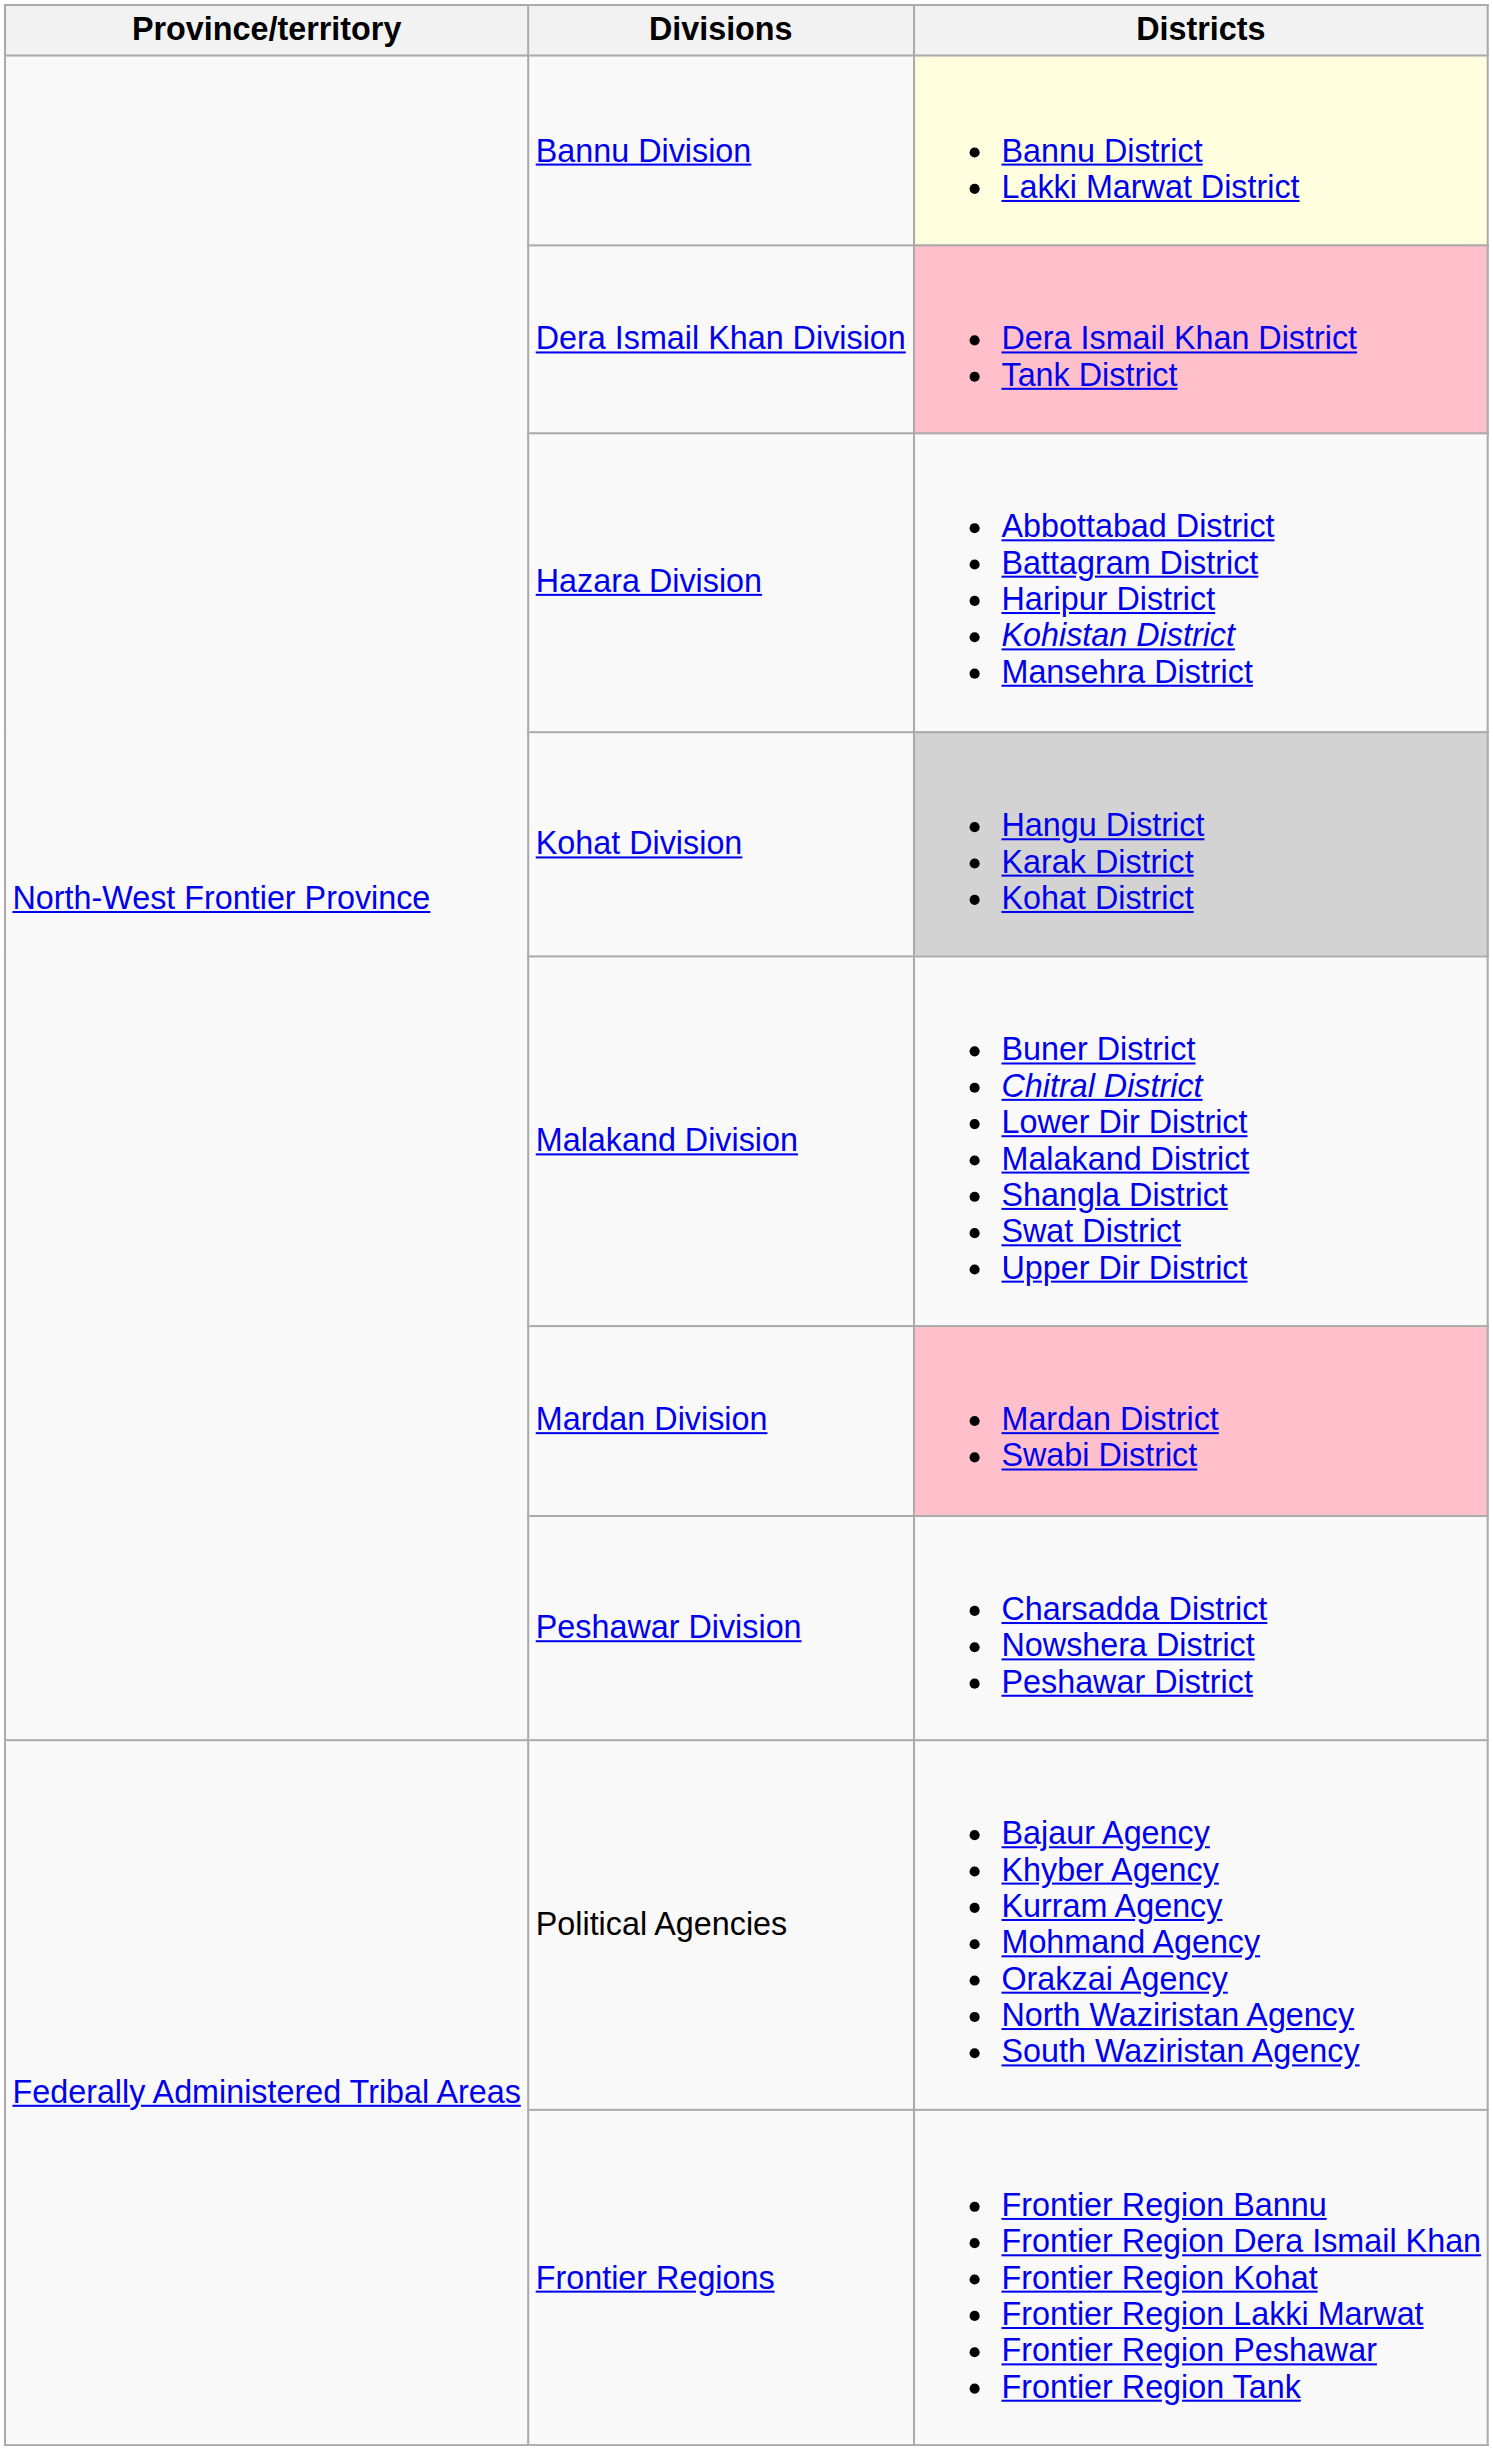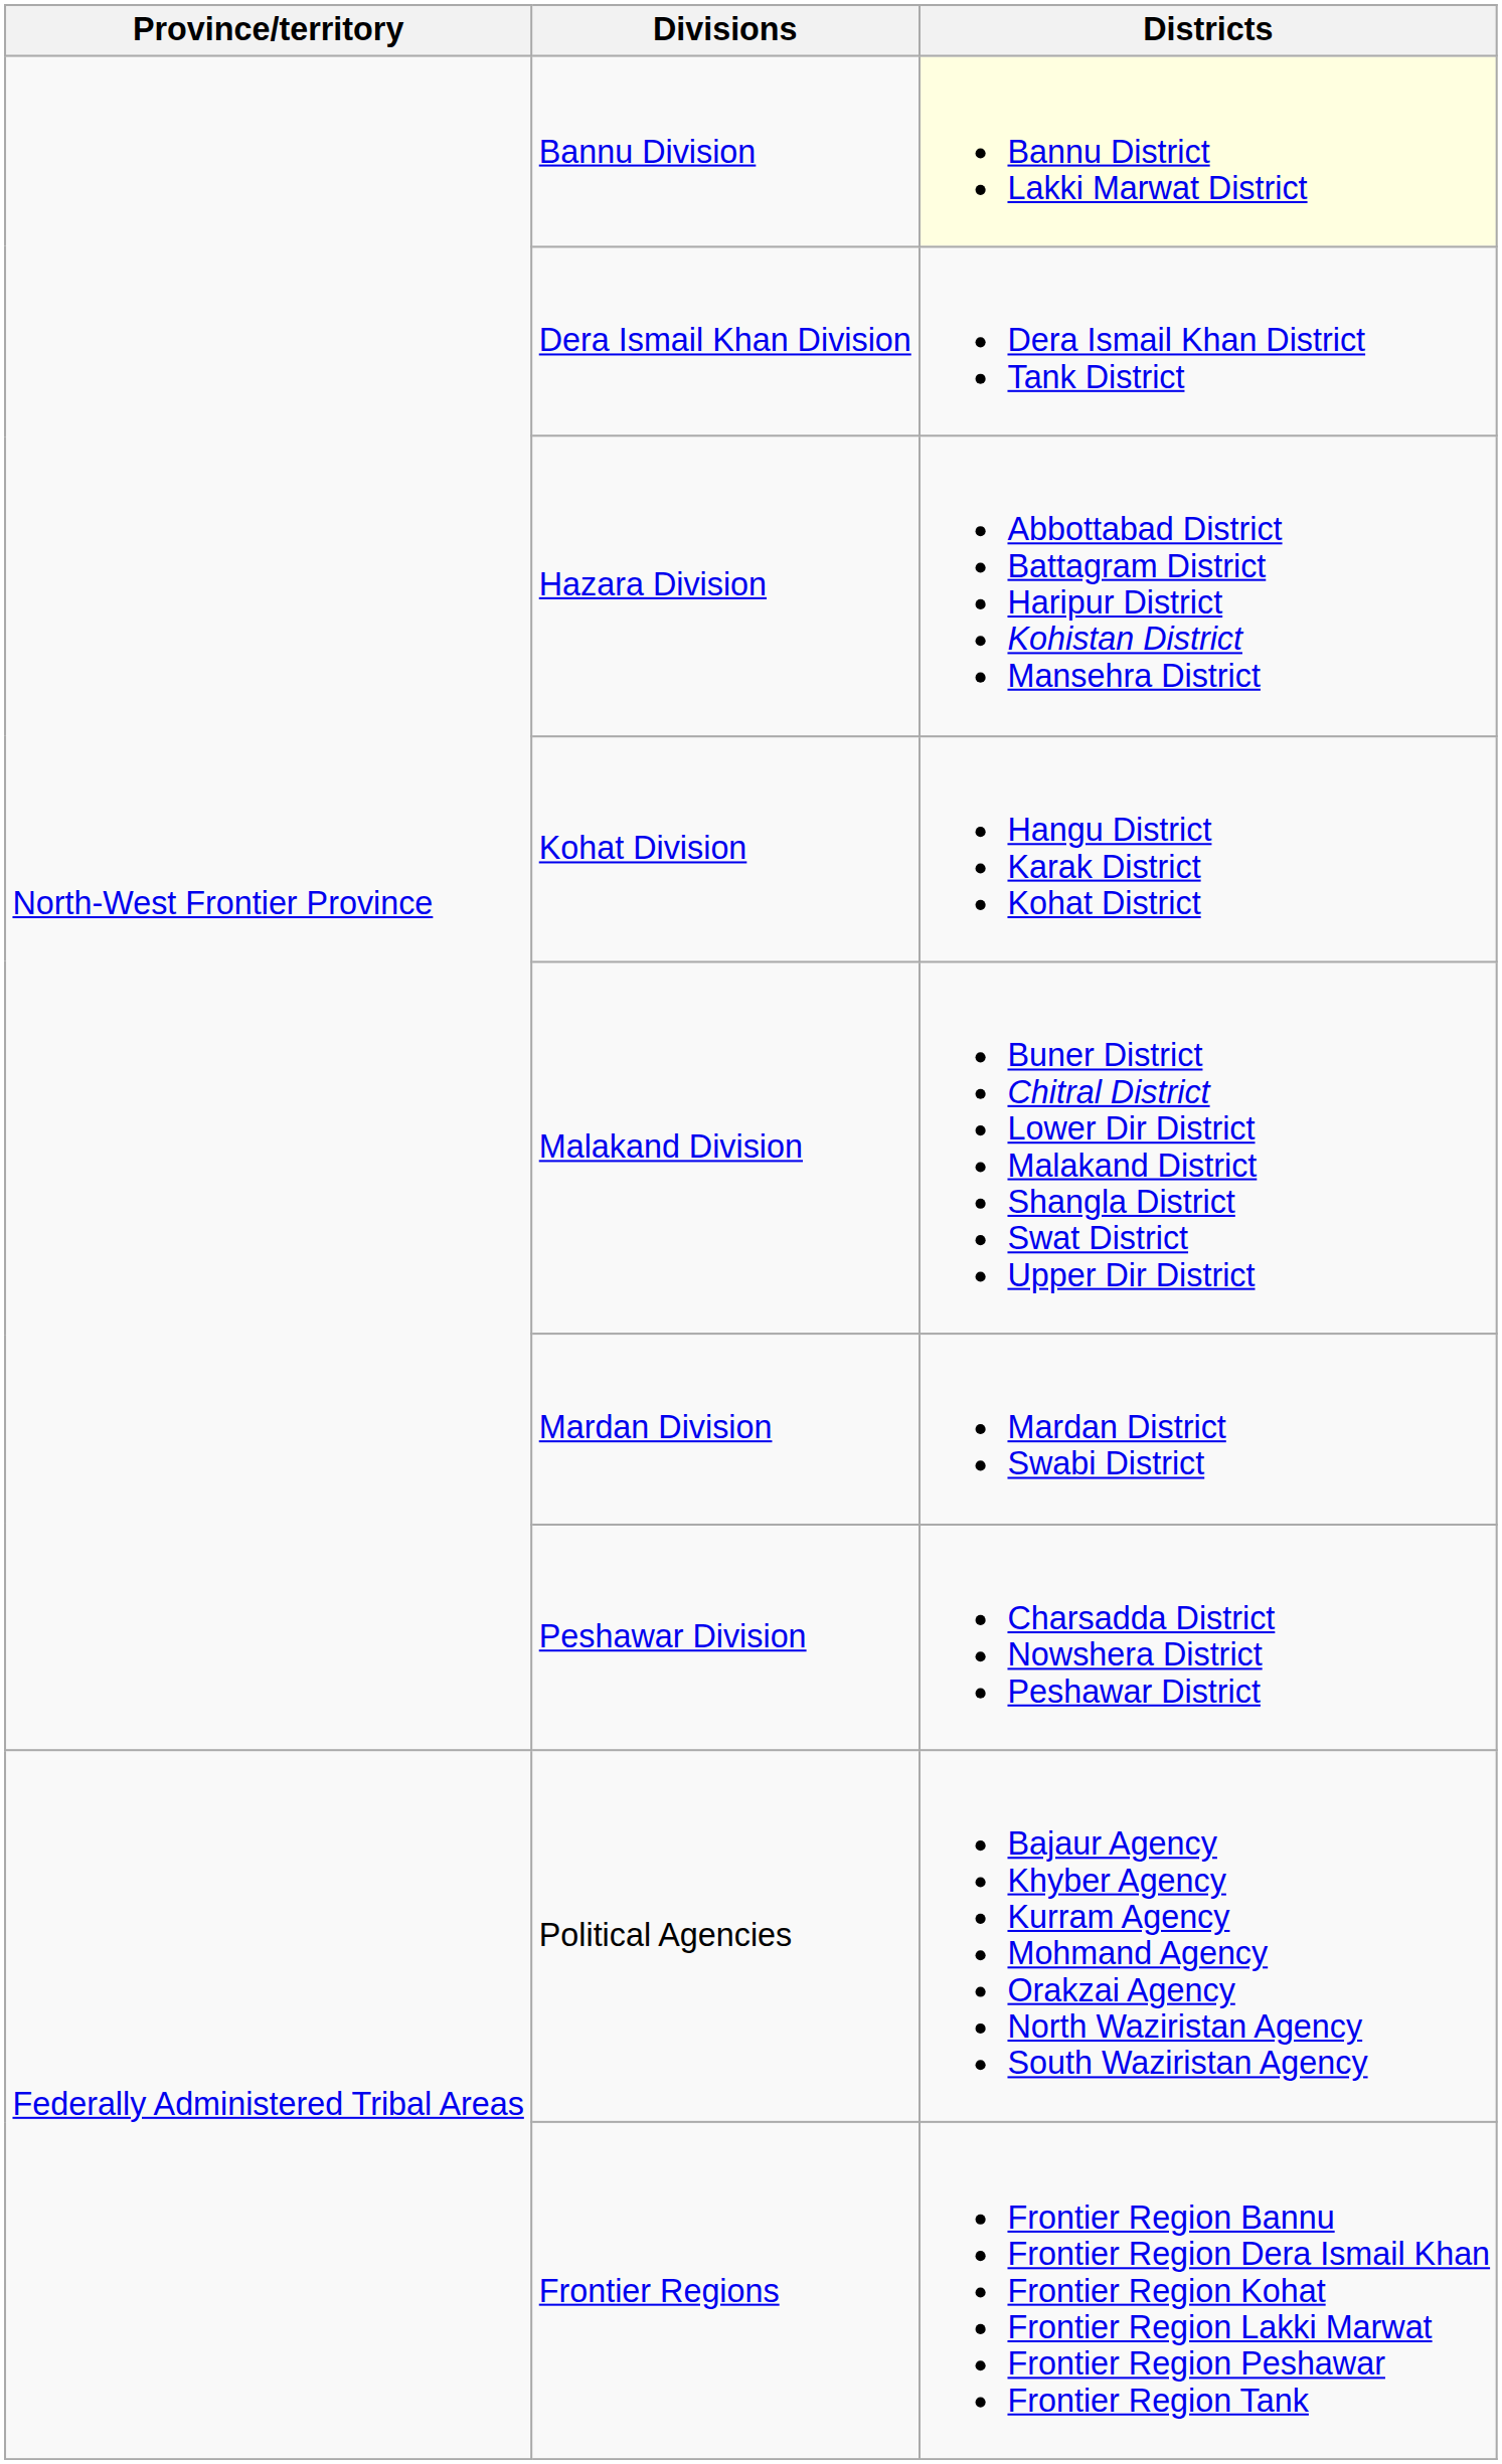 <table class="wikitable sortable">
 <tr>
 <th>Province/territory</th>
 <th>Divisions</th>
 <th>Districts</th>
 </tr>
 <tr>
 <td rowspan="7"><a href='#'>North-West Frontier Province</a></td>
 <td><a href='#'>Bannu Division</a></td>
 <td style="background: lightyellow;"><br><ul><li><a href='#'>Bannu District</a></li><li><a href='#'>Lakki Marwat District</a></li></ul></td>
 </tr>
 <tr>
 <td><a href='#'>Dera Ismail Khan Division</a></td>
-<td style="background: pink;"><br><ul><li><a href='#'>Dera Ismail Khan District</a></li><li><a href='#'>Tank District</a></li></ul></td>
+<td><br><ul><li><a href='#'>Dera Ismail Khan District</a></li><li><a href='#'>Tank District</a></li></ul></td>
 </tr>
 <tr>
 <td><a href='#'>Hazara Division</a></td>
 <td><br><ul><li><a href='#'>Abbottabad District</a></li><li><a href='#'>Battagram District</a></li><li><a href='#'>Haripur District</a></li><li><em><a href='#'>Kohistan District</a></em></li><li><a href='#'>Mansehra District</a></li></ul></td>
 </tr>
 <tr>
 <td><a href='#'>Kohat Division</a></td>
-<td style="background: lightgrey;"><br><ul><li><a href='#'>Hangu District</a></li><li><a href='#'>Karak District</a></li><li><a href='#'>Kohat District</a></li></ul></td>
+<td><br><ul><li><a href='#'>Hangu District</a></li><li><a href='#'>Karak District</a></li><li><a href='#'>Kohat District</a></li></ul></td>
 </tr>
 <tr>
 <td><a href='#'>Malakand Division</a></td>
 <td><br><ul><li><a href='#'>Buner District</a></li><li><em><a href='#'>Chitral District</a></em></li><li><a href='#'>Lower Dir District</a></li><li><a href='#'>Malakand District</a></li><li><a href='#'>Shangla District</a></li><li><a href='#'>Swat District</a></li><li><a href='#'>Upper Dir District</a></li></ul></td>
 </tr>
 <tr>
 <td><a href='#'>Mardan Division</a></td>
-<td style="background: pink;"><br><ul><li><a href='#'>Mardan District</a></li><li><a href='#'>Swabi District</a></li></ul></td>
+<td><br><ul><li><a href='#'>Mardan District</a></li><li><a href='#'>Swabi District</a></li></ul></td>
 </tr>
 <tr>
 <td><a href='#'>Peshawar Division</a></td>
 <td><br><ul><li><a href='#'>Charsadda District</a></li><li><a href='#'>Nowshera District</a></li><li><a href='#'>Peshawar District</a></li></ul></td>
 </tr>
 <tr>
 <td rowspan="2"><a href='#'>Federally Administered Tribal Areas</a></td>
 <td>Political Agencies</td>
 <td><br><ul><li><a href='#'>Bajaur Agency</a></li><li><a href='#'>Khyber Agency</a></li><li><a href='#'>Kurram Agency</a></li><li><a href='#'>Mohmand Agency</a></li><li><a href='#'>Orakzai Agency</a></li><li><a href='#'>North Waziristan Agency</a></li><li><a href='#'>South Waziristan Agency</a></li></ul></td>
 </tr>
 <tr>
 <td><a href='#'>Frontier Regions</a></td>
 <td><br><ul><li><a href='#'>Frontier Region Bannu</a></li><li><a href='#'>Frontier Region Dera Ismail Khan</a></li><li><a href='#'>Frontier Region Kohat</a></li><li><a href='#'>Frontier Region Lakki Marwat</a></li><li><a href='#'>Frontier Region Peshawar</a></li><li><a href='#'>Frontier Region Tank</a></li></ul></td>
 </tr>
 </table>
